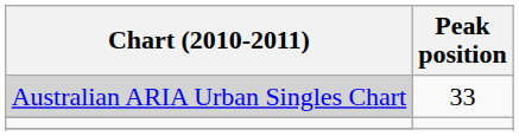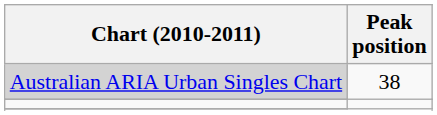 <table class="wikitable sortable">
 <tr>
 <th>Chart (2010-2011)</th>
 <th>Peak<br>position</th>
 </tr>
 <tr>
 <td style="background: lightgrey;"><a href='#'>Australian ARIA Urban Singles Chart</a></td>
-<td style="text-align:center;">33</td>
+<td style="text-align:center;">38</td>
 </tr>
 <tr>
 </tr>
 <tr>
 </tr>
 <tr>
 </tr>
 <tr>
 <td></td>
 </tr>
 <tr>
 </tr>
 <tr>
 </tr>
 <tr>
 </tr>
 <tr>
 </tr>
 <tr>
 </tr>
 </table>
